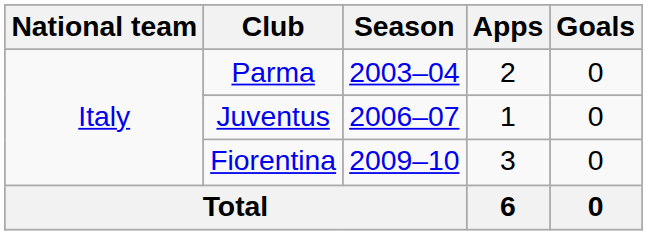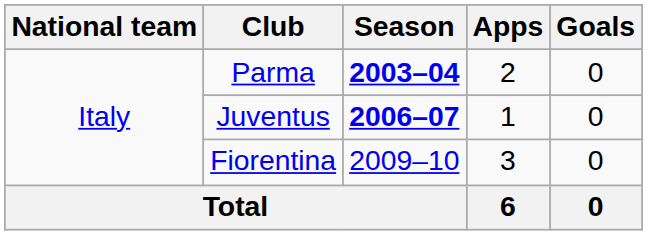 <table class="wikitable" style="text-align: center;">
 <tr>
 <th>National team</th>
 <th>Club</th>
 <th>Season</th>
 <th>Apps</th>
 <th>Goals</th>
 </tr>
 <tr>
 <td rowspan=3><a href='#'>Italy</a></td>
 <td><a href='#'>Parma</a></td>
-<td><a href='#'>2003–04</a></td>
+<td><strong><a href='#'>2003–04</a></strong></td>
 <td>2</td>
 <td>0</td>
 </tr>
 <tr>
 <td><a href='#'>Juventus</a></td>
-<td><a href='#'>2006–07</a></td>
+<td><strong><a href='#'>2006–07</a></strong></td>
 <td>1</td>
 <td>0</td>
 </tr>
 <tr>
 <td><a href='#'>Fiorentina</a></td>
 <td><a href='#'>2009–10</a></td>
 <td>3</td>
 <td>0</td>
 </tr>
 <tr>
 <th colspan="3">Total</th>
 <th>6</th>
 <th>0</th>
 </tr>
 </table>
